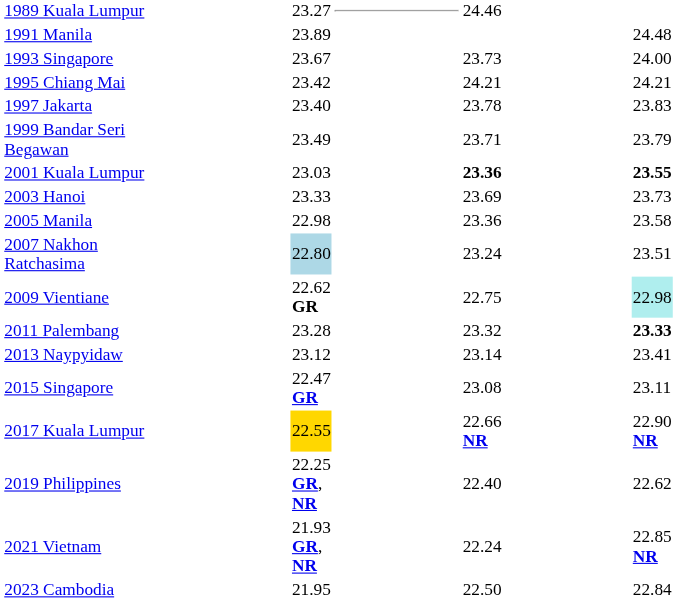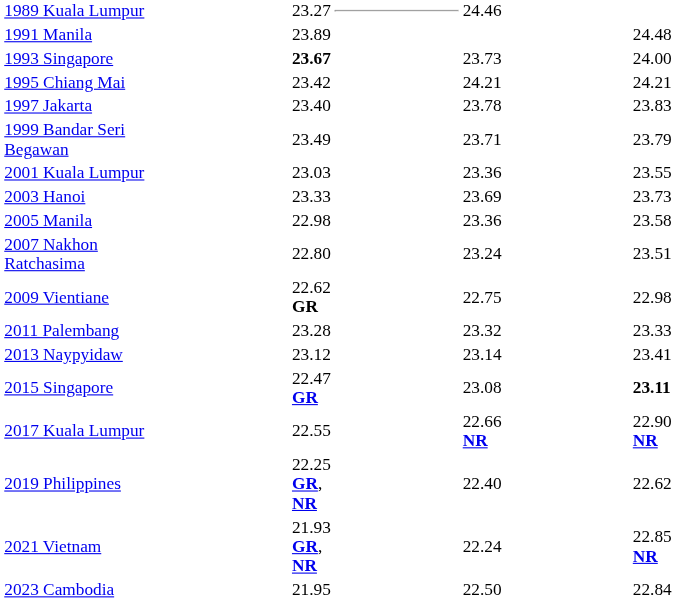 <table>
 <tr>
 <td width=180><a href='#'>1989 Kuala Lumpur</a> <br> </td>
 <td width=170></td>
 <td>23.27</td>
 <td width=170> <hr> </td>
 <td>24.46</td>
 <td width=170></td>
 <td></td>
 </tr>
 <tr>
 <td><a href='#'>1991 Manila</a> <br> </td>
 <td></td>
 <td>23.89</td>
 <td></td>
 <td></td>
 <td></td>
 <td>24.48</td>
 </tr>
 <tr>
 <td><a href='#'>1993 Singapore</a> <br> </td>
 <td></td>
-<td>23.67</td>
+<td><strong>23.67</strong></td>
 <td></td>
 <td>23.73</td>
 <td></td>
 <td>24.00</td>
 </tr>
 <tr>
 <td><a href='#'>1995 Chiang Mai</a> <br> </td>
 <td></td>
 <td>23.42</td>
 <td></td>
 <td>24.21</td>
 <td></td>
 <td>24.21</td>
 </tr>
 <tr>
 <td><a href='#'>1997 Jakarta</a> <br> </td>
 <td></td>
 <td>23.40</td>
 <td></td>
 <td>23.78</td>
 <td></td>
 <td>23.83</td>
 </tr>
 <tr>
 <td><a href='#'>1999 Bandar Seri Begawan</a> <br> </td>
 <td></td>
 <td>23.49</td>
 <td></td>
 <td>23.71</td>
 <td></td>
 <td>23.79</td>
 </tr>
 <tr>
 <td><a href='#'>2001 Kuala Lumpur</a> <br> </td>
 <td></td>
 <td>23.03</td>
 <td></td>
-<td><strong>23.36</strong></td>
+<td>23.36</td>
 <td></td>
-<td><strong>23.55</strong></td>
+<td>23.55</td>
 </tr>
 <tr>
 <td><a href='#'>2003 Hanoi</a> <br> </td>
 <td></td>
 <td>23.33</td>
 <td></td>
 <td>23.69</td>
 <td></td>
 <td>23.73</td>
 </tr>
 <tr>
 <td><a href='#'>2005 Manila</a> <br> </td>
 <td></td>
 <td>22.98</td>
 <td></td>
 <td>23.36</td>
 <td></td>
 <td>23.58</td>
 </tr>
 <tr>
 <td><a href='#'>2007 Nakhon Ratchasima</a> <br> </td>
 <td></td>
-<td style="background: lightblue;">22.80</td>
+<td>22.80</td>
 <td></td>
 <td>23.24</td>
 <td></td>
 <td>23.51</td>
 </tr>
 <tr>
 <td><a href='#'>2009 Vientiane</a> <br> </td>
 <td></td>
 <td>22.62 <br> <strong>GR</strong></td>
 <td></td>
 <td>22.75</td>
 <td></td>
-<td style="background: paleturquoise;">22.98</td>
+<td>22.98</td>
 </tr>
 <tr>
 <td><a href='#'>2011 Palembang</a> <br> </td>
 <td></td>
 <td>23.28</td>
 <td></td>
 <td>23.32</td>
 <td></td>
-<td><strong>23.33</strong></td>
+<td>23.33</td>
 </tr>
 <tr>
 <td><a href='#'>2013 Naypyidaw</a> <br> </td>
 <td></td>
 <td>23.12</td>
 <td></td>
 <td>23.14</td>
 <td></td>
 <td>23.41</td>
 </tr>
 <tr>
 <td><a href='#'>2015 Singapore</a> <br> </td>
 <td></td>
 <td>22.47 <br> <strong><a href='#'>GR</a></strong></td>
 <td></td>
 <td>23.08</td>
 <td></td>
-<td>23.11</td>
+<td><strong>23.11</strong></td>
 </tr>
 <tr>
 <td><a href='#'>2017 Kuala Lumpur</a> <br> </td>
 <td></td>
-<td style="background: gold;">22.55</td>
+<td>22.55</td>
 <td></td>
 <td>22.66 <br> <strong><a href='#'>NR</a></strong></td>
 <td></td>
 <td>22.90 <br> <strong><a href='#'>NR</a></strong></td>
 </tr>
 <tr>
 <td><a href='#'>2019 Philippines</a> <br> </td>
 <td></td>
 <td>22.25 <br> <strong><a href='#'>GR</a></strong>, <strong><a href='#'>NR</a></strong></td>
 <td></td>
 <td>22.40</td>
 <td></td>
 <td>22.62</td>
 </tr>
 <tr>
 <td><a href='#'>2021 Vietnam</a> <br> </td>
 <td></td>
 <td>21.93 <br> <strong><a href='#'>GR</a></strong>, <strong><a href='#'>NR</a></strong></td>
 <td></td>
 <td>22.24</td>
 <td></td>
 <td>22.85 <br> <strong><a href='#'>NR</a></strong></td>
 </tr>
 <tr>
 <td><a href='#'>2023 Cambodia</a> <br> </td>
 <td></td>
 <td>21.95</td>
 <td></td>
 <td>22.50</td>
 <td></td>
 <td>22.84</td>
 </tr>
 </table>
